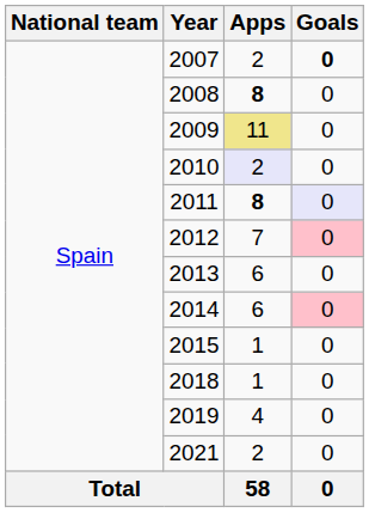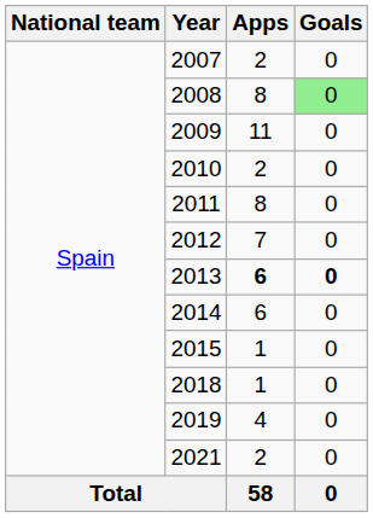 <table class=wikitable style="text-align:center">
 <tr>
 <th>National team</th>
 <th>Year</th>
 <th>Apps</th>
 <th>Goals</th>
 </tr>
 <tr>
 <td rowspan="12"><a href='#'>Spain</a></td>
 <td>2007</td>
 <td>2</td>
-<td><strong>0</strong></td>
+<td>0</td>
 </tr>
 <tr>
 <td>2008</td>
-<td><strong>8</strong></td>
-<td>0</td>
+<td>8</td>
+<td style="background: lightgreen;">0</td>
 </tr>
 <tr>
 <td>2009</td>
-<td style="background: khaki;">11</td>
+<td>11</td>
 <td>0</td>
 </tr>
 <tr>
 <td>2010</td>
-<td style="background: lavender;">2</td>
+<td>2</td>
 <td>0</td>
 </tr>
 <tr>
 <td>2011</td>
-<td><strong>8</strong></td>
-<td style="background: lavender;">0</td>
+<td>8</td>
+<td>0</td>
 </tr>
 <tr>
 <td>2012</td>
 <td>7</td>
-<td style="background: pink;">0</td>
+<td>0</td>
 </tr>
 <tr>
 <td>2013</td>
-<td>6</td>
-<td>0</td>
+<td><strong>6</strong></td>
+<td><strong>0</strong></td>
 </tr>
 <tr>
 <td>2014</td>
 <td>6</td>
-<td style="background: pink;">0</td>
+<td>0</td>
 </tr>
 <tr>
 <td>2015</td>
 <td>1</td>
 <td>0</td>
 </tr>
 <tr>
 <td>2018</td>
 <td>1</td>
 <td>0</td>
 </tr>
 <tr>
 <td>2019</td>
 <td>4</td>
 <td>0</td>
 </tr>
 <tr>
 <td>2021</td>
 <td>2</td>
 <td>0</td>
 </tr>
 <tr>
 <th colspan="2">Total</th>
 <th>58</th>
 <th>0</th>
 </tr>
 </table>
